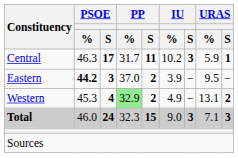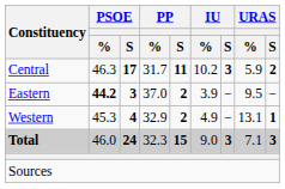 <table class="wikitable sortable" style="text-align:right; line-height:20px;">
 <tr>
 <th rowspan="3">Constituency</th>
 <th colspan="2" width="30px" class="unsortable"><a href='#'>PSOE</a></th>
 <th colspan="2" width="30px" class="unsortable"><a href='#'>PP</a></th>
 <th colspan="2" width="30px" class="unsortable"><a href='#'>IU</a></th>
 <th colspan="2" width="30px" class="unsortable"><a href='#'>URAS</a></th>
 </tr>
 <tr>
 <th colspan="2" style="background:"></th>
 <th colspan="2" style="background:"></th>
 <th colspan="2" style="background:"></th>
 <th colspan="2" style="background:"></th>
 </tr>
 <tr>
 <th data-sort-type="number">%</th>
 <th data-sort-type="number">S</th>
 <th data-sort-type="number">%</th>
 <th data-sort-type="number">S</th>
 <th data-sort-type="number">%</th>
 <th data-sort-type="number">S</th>
 <th data-sort-type="number">%</th>
 <th data-sort-type="number">S</th>
 </tr>
 <tr>
 <td align="left"><a href='#'>Central</a></td>
 <td style="background:">46.3</td>
 <td><strong>17</strong></td>
 <td>31.7</td>
 <td><strong>11</strong></td>
 <td>10.2</td>
 <td><strong>3</strong></td>
 <td>5.9</td>
-<td><strong>1</strong></td>
+<td><strong>2</strong></td>
 </tr>
 <tr>
 <td align="left"><a href='#'>Eastern</a></td>
 <td style="background:"><strong>44.2</strong></td>
 <td><strong>3</strong></td>
 <td>37.0</td>
 <td><strong>2</strong></td>
 <td>3.9</td>
 <td>−</td>
 <td>9.5</td>
 <td>−</td>
 </tr>
 <tr>
 <td align="left"><a href='#'>Western</a></td>
 <td style="background:">45.3</td>
 <td><strong>4</strong></td>
-<td style="background: lightgreen;">32.9</td>
+<td>32.9</td>
 <td><strong>2</strong></td>
 <td>4.9</td>
 <td>−</td>
 <td>13.1</td>
-<td><strong>2</strong></td>
+<td><strong>1</strong></td>
 </tr>
 <tr style="background:#CDCDCD;">
 <td align="left"><strong>Total</strong></td>
 <td style="background:">46.0</td>
 <td><strong>24</strong></td>
 <td>32.3</td>
 <td><strong>15</strong></td>
 <td>9.0</td>
 <td><strong>3</strong></td>
 <td>7.1</td>
 <td><strong>3</strong></td>
 </tr>
 <tr>
 <th colspan="9"></th>
 </tr>
 <tr>
 <th style="text-align:left; font-weight:normal; background:#F9F9F9" colspan="9">Sources</th>
 </tr>
 </table>
